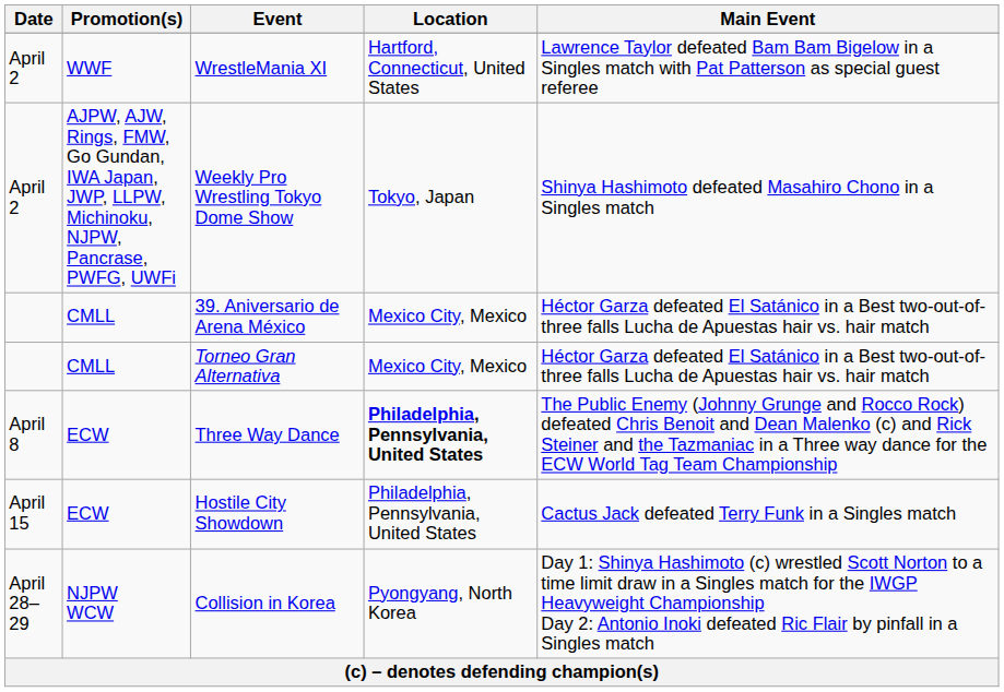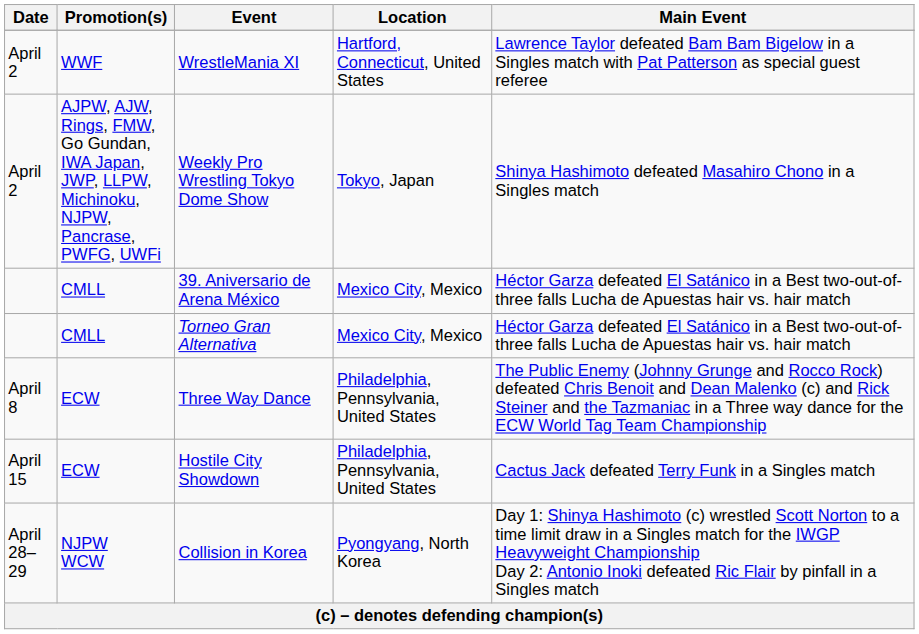 <table class="wikitable" style="width:100%;">
 <tr>
 <th width="5%">Date</th>
 <th width="5%">Promotion(s)</th>
 <th style="width:15%;">Event</th>
 <th style="width:15%;">Location</th>
 <th style="width:40%;">Main Event</th>
 </tr>
 <tr style="width:20%;" |Notes>
 </tr>
 <tr>
 <td>April 2</td>
 <td><a href='#'>WWF</a></td>
 <td><a href='#'>WrestleMania XI</a></td>
 <td><a href='#'>Hartford, Connecticut</a>, United States</td>
 <td><a href='#'>Lawrence Taylor</a> defeated <a href='#'>Bam Bam Bigelow</a> in a Singles match with <a href='#'>Pat Patterson</a> as special guest referee</td>
 </tr>
 <tr>
 <td>April 2</td>
 <td><a href='#'>AJPW</a>, <a href='#'>AJW</a>, <a href='#'>Rings</a>, <a href='#'>FMW</a>, Go Gundan, <a href='#'>IWA Japan</a>, <a href='#'>JWP</a>, <a href='#'>LLPW</a>, <a href='#'>Michinoku</a>, <a href='#'>NJPW</a>, <a href='#'>Pancrase</a>, <a href='#'>PWFG</a>, <a href='#'>UWFi</a></td>
 <td><a href='#'>Weekly Pro Wrestling Tokyo Dome Show</a></td>
 <td><a href='#'>Tokyo</a>, Japan</td>
 <td><a href='#'>Shinya Hashimoto</a> defeated <a href='#'>Masahiro Chono</a> in a Singles match</td>
 </tr>
 <tr>
 <td></td>
 <td><a href='#'>CMLL</a></td>
 <td><a href='#'>39. Aniversario de Arena México</a></td>
 <td><a href='#'>Mexico City</a>, Mexico</td>
 <td><a href='#'>Héctor Garza</a> defeated <a href='#'>El Satánico</a> in a Best two-out-of-three falls Lucha de Apuestas hair vs. hair match</td>
 </tr>
 <tr>
 <td></td>
 <td><a href='#'>CMLL</a></td>
 <td><em><a href='#'>Torneo Gran Alternativa</a></em></td>
 <td><a href='#'>Mexico City</a>, Mexico</td>
 <td><a href='#'>Héctor Garza</a> defeated <a href='#'>El Satánico</a> in a Best two-out-of-three falls Lucha de Apuestas hair vs. hair match</td>
 </tr>
 <tr>
 <td>April 8</td>
 <td><a href='#'>ECW</a></td>
 <td><a href='#'>Three Way Dance</a></td>
-<td><strong><a href='#'>Philadelphia</a>, Pennsylvania, United States</strong></td>
+<td><a href='#'>Philadelphia</a>, Pennsylvania, United States</td>
 <td><a href='#'>The Public Enemy</a> (<a href='#'>Johnny Grunge</a> and <a href='#'>Rocco Rock</a>) defeated <a href='#'>Chris Benoit</a> and <a href='#'>Dean Malenko</a> (c) and <a href='#'>Rick Steiner</a> and <a href='#'>the Tazmaniac</a> in a Three way dance for the <a href='#'>ECW World Tag Team Championship</a></td>
 </tr>
 <tr>
 <td>April 15</td>
 <td><a href='#'>ECW</a></td>
 <td><a href='#'>Hostile City Showdown</a></td>
 <td><a href='#'>Philadelphia</a>, Pennsylvania, United States</td>
 <td><a href='#'>Cactus Jack</a> defeated <a href='#'>Terry Funk</a> in a Singles match</td>
 </tr>
 <tr>
 <td>April 28–29</td>
 <td><a href='#'>NJPW</a> <br> <a href='#'>WCW</a></td>
 <td><a href='#'>Collision in Korea</a></td>
 <td><a href='#'>Pyongyang</a>, North Korea</td>
 <td>Day 1: <a href='#'>Shinya Hashimoto</a> (c) wrestled <a href='#'>Scott Norton</a> to a time limit draw in a Singles match for the <a href='#'>IWGP Heavyweight Championship</a><br>Day 2: <a href='#'>Antonio Inoki</a> defeated <a href='#'>Ric Flair</a> by pinfall in a Singles match</td>
 </tr>
 <tr>
 <th colspan="6">(c) – denotes defending champion(s)</th>
 </tr>
 </table>
